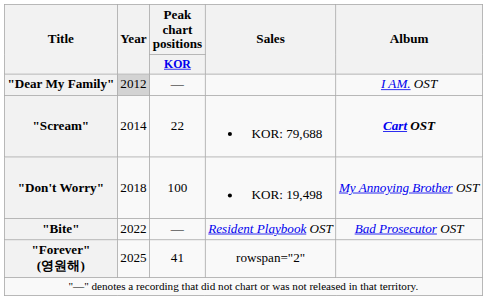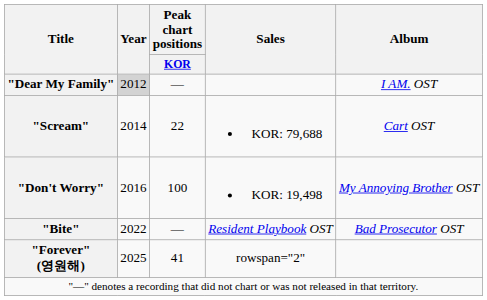 <table class="wikitable plainrowheaders" style="text-align:center">
 <tr>
 <th scope="col" rowspan="2">Title</th>
 <th scope="col" rowspan="2">Year</th>
 <th scope="col" colspan="1">Peak chart positions</th>
 <th scope="col" rowspan="2">Sales<br></th>
 <th scope="col" rowspan="2">Album</th>
 </tr>
 <tr>
 <th style="width:3em;font-size:90%"><a href='#'>KOR</a><br></th>
 </tr>
 <tr>
 <th scope="row">"Dear My Family"<br></th>
 <td style="background: lightgrey;">2012</td>
 <td>—</td>
 <td></td>
 <td><em><a href='#'>I AM.</a> OST</em></td>
 </tr>
 <tr>
 <th scope="row">"Scream"</th>
 <td>2014</td>
 <td>22</td>
 <td><br><ul><li>KOR: 79,688</li></ul></td>
-<td><strong><em><a href='#'>Cart</a> OST</em></strong></td>
+<td><em><a href='#'>Cart</a> OST</em></td>
 </tr>
 <tr>
 <th scope="row">"Don't Worry"<br></th>
-<td>2018</td>
+<td>2016</td>
 <td>100</td>
 <td><br><ul><li>KOR: 19,498</li></ul></td>
 <td><em><a href='#'>My Annoying Brother</a> OST</em></td>
 </tr>
 <tr>
 <th scope="row">"Bite"</th>
 <td>2022</td>
 <td>—</td>
 <td><em><a href='#'>Resident Playbook</a> OST</em></td>
 <td><em><a href='#'>Bad Prosecutor</a> OST</em></td>
 </tr>
 <tr>
 <th scope="row">"Forever"<br>(영원해)</th>
 <td>2025</td>
 <td>41</td>
 <td>rowspan="2" </td>
 </tr>
 <tr>
 <td colspan="7" style="font-size:85%">"—" denotes a recording that did not chart or was not released in that territory.</td>
 </tr>
 </table>
